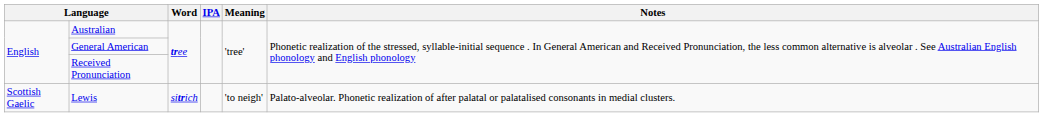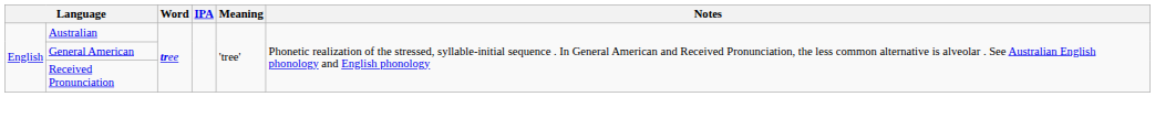 <table class="wikitable">
 <tr>
 <th colspan="2">Language</th>
 <th>Word</th>
 <th><a href='#'>IPA</a></th>
 <th>Meaning</th>
 <th>Notes</th>
 </tr>
 <tr>
 <td rowspan=3><a href='#'>English</a></td>
 <td><a href='#'>Australian</a></td>
 <td rowspan=3><em><a href='#'><strong>tr</strong>ee</a></em></td>
 <td rowspan=3></td>
 <td rowspan=3>'tree'</td>
 <td rowspan=3>Phonetic realization of the stressed, syllable-initial sequence . In General American and Received Pronunciation, the less common alternative is alveolar . See <a href='#'>Australian English phonology</a> and <a href='#'>English phonology</a></td>
 </tr>
 <tr>
 <td><a href='#'>General American</a></td>
 </tr>
 <tr>
 <td><a href='#'>Received Pronunciation</a></td>
 </tr>
-<tr>
-<td><a href='#'>Scottish Gaelic</a></td>
-<td><a href='#'>Lewis</a></td>
-<td><em><a href='#'>si<strong>tr</strong>ich</a></em></td>
-<td></td>
-<td>'to neigh'</td>
-<td>Palato-alveolar. Phonetic realization of  after palatal or palatalised consonants in medial clusters.</td>
-</tr>
 </table>
